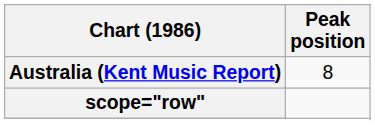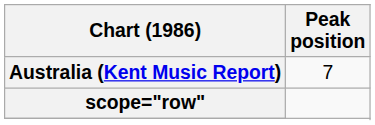 <table class="wikitable sortable plainrowheaders">
 <tr>
 <th>Chart (1986)</th>
 <th>Peak<br>position</th>
 </tr>
 <tr>
 <th scope="row">Australia (<a href='#'>Kent Music Report</a>)</th>
-<td style="text-align:center;">8</td>
+<td style="text-align:center;">7</td>
 </tr>
 <tr>
 <th>scope="row"</th>
 </tr>
 <tr>
 </tr>
 </table>
